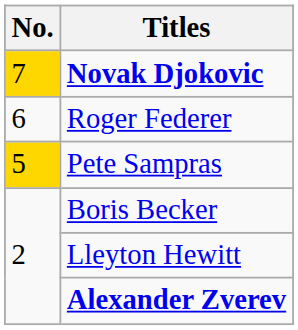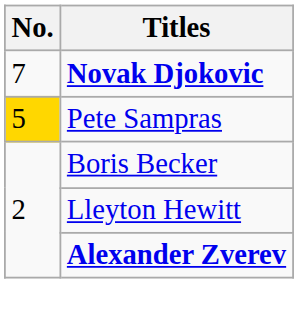 <table class="wikitable" style="display: inline-table;">
 <tr>
 <th width=20>No.</th>
 <th>Titles</th>
 </tr>
 <tr>
-<td style="background: gold;">7</td>
+<td>7</td>
 <td> <strong><a href='#'>Novak Djokovic</a></strong></td>
-</tr>
-<tr>
-<td>6</td>
-<td> <a href='#'>Roger Federer</a></td>
 </tr>
 <tr>
 <td style="background: gold;">5</td>
 <td> <a href='#'>Pete Sampras</a></td>
 </tr>
 <tr>
 <td rowspan="3">2</td>
 <td> <a href='#'>Boris Becker</a></td>
 </tr>
 <tr>
 <td> <a href='#'>Lleyton Hewitt</a></td>
 </tr>
 <tr>
 <td> <strong><a href='#'>Alexander Zverev</a></strong></td>
 </tr>
 </table>
